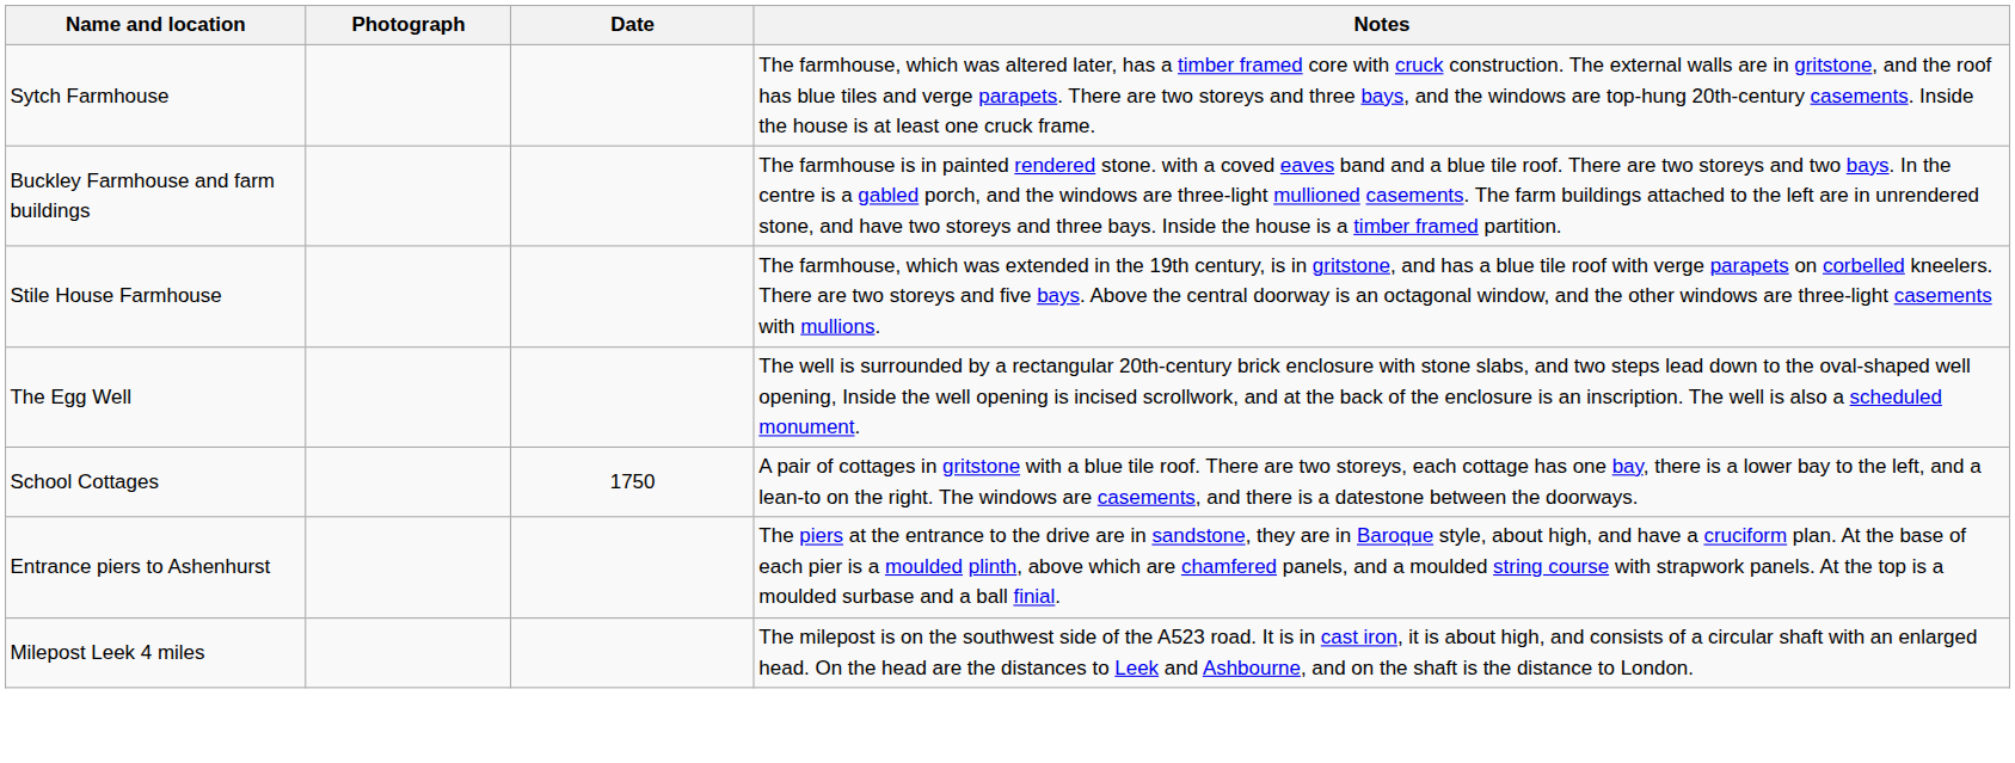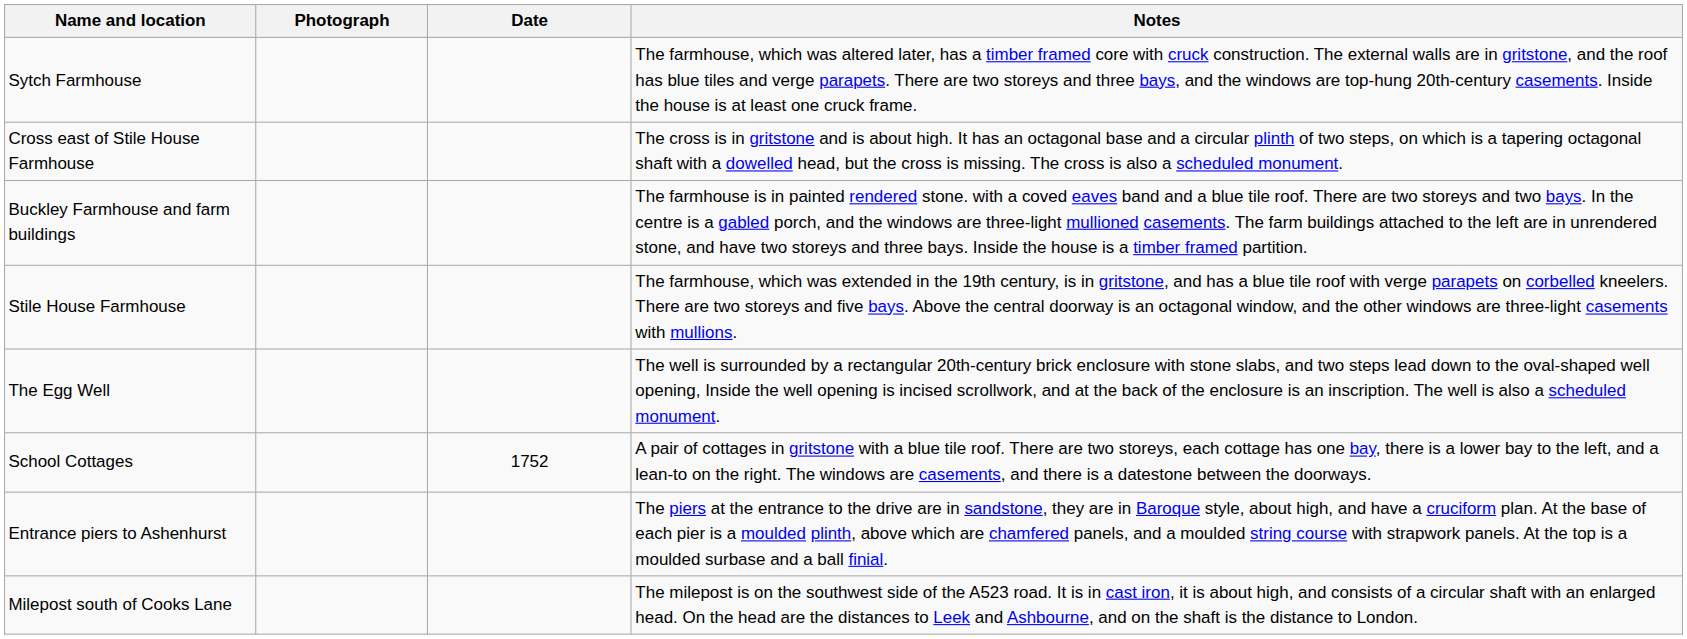 <table class="wikitable sortable plainrowheaders" style="width:100%;border:0px;text-align:left;line-height:150%;">
 <tr>
 <th scope="col"  style="width:150px">Name and location</th>
 <th scope="col"  style="width:100px" class="unsortable">Photograph</th>
 <th scope="col"  style="width:120px">Date</th>
 <th scope="col"  style="width:650px" class="unsortable">Notes</th>
 </tr>
 <tr>
 <td>Sytch Farmhouse<br><small></small></td>
 <td></td>
 <td align="center"></td>
 <td>The farmhouse, which was altered later, has a <a href='#'>timber framed</a> core with <a href='#'>cruck</a> construction.  The external walls are in <a href='#'>gritstone</a>, and the roof has blue tiles and verge <a href='#'>parapets</a>.  There are two storeys and three <a href='#'>bays</a>, and the windows are top-hung 20th-century <a href='#'>casements</a>.  Inside the house is at least one cruck frame.</td>
+</tr>
+<tr>
+<td>Cross east of Stile House Farmhouse<br><small></small></td>
+<td></td>
+<td align="center"></td>
+<td>The cross is in <a href='#'>gritstone</a> and is about  high.  It has an octagonal base and a circular <a href='#'>plinth</a> of two steps, on which is a tapering octagonal shaft with a <a href='#'>dowelled</a> head, but the cross is missing.  The cross is also a <a href='#'>scheduled monument</a>.</td>
 </tr>
 <tr>
 <td>Buckley Farmhouse and farm buildings<br><small></small></td>
 <td></td>
 <td align="center"></td>
 <td>The farmhouse is in painted <a href='#'>rendered</a> stone. with a coved <a href='#'>eaves</a> band and a blue tile roof.  There are two storeys and two <a href='#'>bays</a>.  In the centre is a <a href='#'>gabled</a> porch, and the windows are three-light <a href='#'>mullioned</a> <a href='#'>casements</a>.  The farm buildings attached to the left are in unrendered stone, and have two storeys and three bays.  Inside the house is a <a href='#'>timber framed</a> partition.</td>
 </tr>
 <tr>
 <td>Stile House Farmhouse<br><small></small></td>
 <td></td>
 <td align="center"></td>
 <td>The farmhouse, which was extended in the 19th century, is in <a href='#'>gritstone</a>, and has a blue tile roof with verge <a href='#'>parapets</a> on <a href='#'>corbelled</a> kneelers.  There are two storeys and five <a href='#'>bays</a>.  Above the central doorway is an octagonal window, and the other windows are three-light <a href='#'>casements</a> with <a href='#'>mullions</a>.</td>
 </tr>
 <tr>
 <td>The Egg Well<br><small></small></td>
 <td></td>
 <td align="center"></td>
 <td>The well is surrounded by a rectangular 20th-century brick enclosure with stone slabs, and two steps lead down to the oval-shaped well opening,  Inside the well opening is incised scrollwork, and at the back of the enclosure is an inscription.  The well is also a <a href='#'>scheduled monument</a>.</td>
 </tr>
 <tr>
 <td>School Cottages<br><small></small></td>
 <td></td>
-<td align="center">1750</td>
+<td align="center">1752</td>
 <td>A pair of cottages in <a href='#'>gritstone</a> with a blue tile roof.  There are two storeys, each cottage has one <a href='#'>bay</a>, there is a lower bay to the left, and a lean-to on the right.  The windows are <a href='#'>casements</a>, and there is a datestone between the doorways.</td>
 </tr>
 <tr>
 <td>Entrance piers to Ashenhurst<br><small></small></td>
 <td></td>
 <td align="center"></td>
 <td>The <a href='#'>piers</a> at the entrance to the drive are in <a href='#'>sandstone</a>, they are in <a href='#'>Baroque</a> style, about  high, and have a <a href='#'>cruciform</a> plan.  At the base of each pier is a <a href='#'>moulded</a> <a href='#'>plinth</a>, above which are <a href='#'>chamfered</a> panels, and a moulded <a href='#'>string course</a> with strapwork panels.  At the top is a moulded surbase and a ball <a href='#'>finial</a>.</td>
 </tr>
 <tr>
-<td>Milepost Leek 4 miles<br><small></small></td>
+<td>Milepost south of Cooks Lane<br><small></small></td>
 <td></td>
 <td align="center"></td>
 <td>The milepost is on the southwest side of the A523 road.  It is in <a href='#'>cast iron</a>, it is about  high, and consists of a circular shaft with an enlarged head.  On the head are the distances to <a href='#'>Leek</a> and <a href='#'>Ashbourne</a>, and on the shaft is the distance to London.</td>
 </tr>
 <tr>
 </tr>
 </table>
